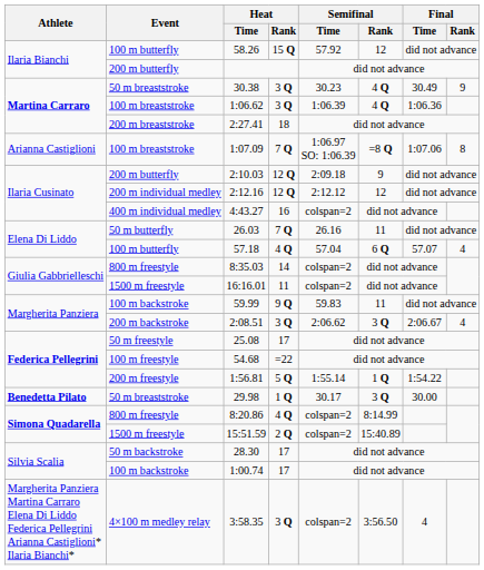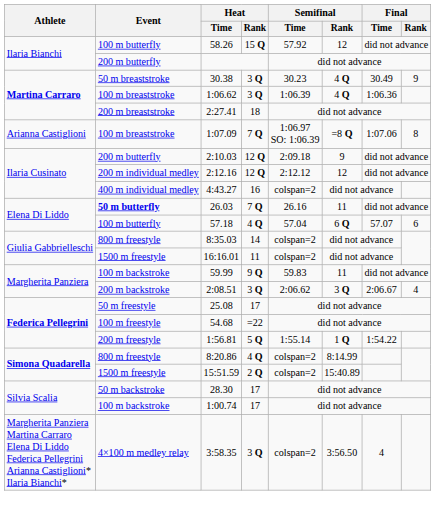 <table class="wikitable" style="text-align:center; font-size:90%">
 <tr>
 <th rowspan="2">Athlete</th>
 <th rowspan="2">Event</th>
 <th colspan="2">Heat</th>
 <th colspan="2">Semifinal</th>
 <th colspan="2">Final</th>
 </tr>
 <tr style="font-size:95%">
 <th>Time</th>
 <th>Rank</th>
 <th>Time</th>
 <th>Rank</th>
 <th>Time</th>
 <th>Rank</th>
 </tr>
 <tr>
 <td align=left rowspan=2><a href='#'>Ilaria Bianchi</a></td>
 <td align=left><a href='#'>100 m butterfly</a></td>
 <td>58.26</td>
 <td>15 <strong>Q</strong></td>
 <td>57.92</td>
 <td>12</td>
 <td colspan=2>did not advance</td>
 </tr>
 <tr>
 <td align=left><a href='#'>200 m butterfly</a></td>
 <td colspan=2></td>
 <td colspan=4>did not advance</td>
 </tr>
 <tr>
 <td align=left rowspan=3><strong><a href='#'>Martina Carraro</a></strong></td>
 <td align=left><a href='#'>50 m breaststroke</a></td>
 <td>30.38</td>
 <td>3 <strong>Q</strong></td>
 <td>30.23</td>
 <td>4 <strong>Q</strong></td>
 <td>30.49</td>
 <td>9</td>
 </tr>
 <tr>
 <td align=left><a href='#'>100 m breaststroke</a></td>
 <td>1:06.62</td>
 <td>3 <strong>Q</strong></td>
 <td>1:06.39</td>
 <td>4 <strong>Q</strong></td>
 <td>1:06.36</td>
 <td></td>
 </tr>
 <tr>
 <td align=left><a href='#'>200 m breaststroke</a></td>
 <td>2:27.41</td>
 <td>18</td>
 <td colspan=4>did not advance</td>
 </tr>
 <tr>
 <td align=left><a href='#'>Arianna Castiglioni</a></td>
 <td align=left><a href='#'>100 m breaststroke</a></td>
 <td>1:07.09</td>
 <td>7 <strong>Q</strong></td>
 <td>1:06.97<br>SO: 1:06.39</td>
 <td>=8 <strong>Q</strong></td>
 <td>1:07.06</td>
 <td>8</td>
 </tr>
 <tr>
 <td align=left rowspan=3><a href='#'>Ilaria Cusinato</a></td>
 <td align=left><a href='#'>200 m butterfly</a></td>
 <td>2:10.03</td>
 <td>12 <strong>Q</strong></td>
 <td>2:09.18</td>
 <td>9</td>
 <td colspan=2>did not advance</td>
 </tr>
 <tr>
 <td align=left><a href='#'>200 m individual medley</a></td>
 <td>2:12.16</td>
 <td>12 <strong>Q</strong></td>
 <td>2:12.12</td>
 <td>12</td>
 <td colspan=2>did not advance</td>
 </tr>
 <tr>
 <td align=left><a href='#'>400 m individual medley</a></td>
 <td>4:43.27</td>
 <td>16</td>
 <td>colspan=2 </td>
 <td colspan=2>did not advance</td>
 </tr>
 <tr>
 <td align=left rowspan=2><a href='#'>Elena Di Liddo</a></td>
-<td align=left><a href='#'>50 m butterfly</a></td>
+<td align=left><strong><a href='#'>50 m butterfly</a></strong></td>
 <td>26.03</td>
 <td>7 <strong>Q</strong></td>
 <td>26.16</td>
 <td>11</td>
 <td colspan=2>did not advance</td>
 </tr>
 <tr>
 <td align=left><a href='#'>100 m butterfly</a></td>
 <td>57.18</td>
 <td>4 <strong>Q</strong></td>
 <td>57.04</td>
 <td>6 <strong>Q</strong></td>
 <td>57.07</td>
-<td>4</td>
+<td>6</td>
 </tr>
 <tr>
 <td align=left rowspan=2><a href='#'>Giulia Gabbrielleschi</a></td>
 <td align=left><a href='#'>800 m freestyle</a></td>
 <td>8:35.03</td>
 <td>14</td>
 <td>colspan=2 </td>
 <td colspan=2>did not advance</td>
 </tr>
 <tr>
 <td align=left><a href='#'>1500 m freestyle</a></td>
 <td>16:16.01</td>
 <td>11</td>
 <td>colspan=2 </td>
 <td colspan=2>did not advance</td>
 </tr>
 <tr>
 <td align=left rowspan=2><a href='#'>Margherita Panziera</a></td>
 <td align=left><a href='#'>100 m backstroke</a></td>
 <td>59.99</td>
 <td>9 <strong>Q</strong></td>
 <td>59.83</td>
 <td>11</td>
 <td colspan=2>did not advance</td>
 </tr>
 <tr>
 <td align=left><a href='#'>200 m backstroke</a></td>
 <td>2:08.51</td>
 <td>3 <strong>Q</strong></td>
 <td>2:06.62</td>
 <td>3 <strong>Q</strong></td>
 <td>2:06.67</td>
 <td>4</td>
 </tr>
 <tr>
 <td align=left rowspan=3><strong><a href='#'>Federica Pellegrini</a></strong></td>
 <td align=left><a href='#'>50 m freestyle</a></td>
 <td>25.08</td>
 <td>17</td>
 <td colspan=4>did not advance</td>
 </tr>
 <tr>
 <td align=left><a href='#'>100 m freestyle</a></td>
 <td>54.68</td>
 <td>=22</td>
 <td colspan=4>did not advance</td>
 </tr>
 <tr>
 <td align=left><a href='#'>200 m freestyle</a></td>
 <td>1:56.81</td>
 <td>5 <strong>Q</strong></td>
 <td>1:55.14</td>
 <td>1 <strong>Q</strong></td>
 <td>1:54.22</td>
 <td></td>
 </tr>
 <tr>
-<td align=left><strong><a href='#'>Benedetta Pilato</a></strong></td>
-<td align=left><a href='#'>50 m breaststroke</a></td>
-<td>29.98</td>
-<td>1 <strong>Q</strong></td>
-<td>30.17</td>
-<td>3 <strong>Q</strong></td>
-<td>30.00</td>
-<td></td>
-</tr>
-<tr>
 <td align=left rowspan=2><strong><a href='#'>Simona Quadarella</a></strong></td>
 <td align=left><a href='#'>800 m freestyle</a></td>
 <td>8:20.86</td>
 <td>4 <strong>Q</strong></td>
 <td>colspan=2 </td>
 <td>8:14.99</td>
 <td></td>
 </tr>
 <tr>
 <td align=left><a href='#'>1500 m freestyle</a></td>
 <td>15:51.59</td>
 <td>2 <strong>Q</strong></td>
 <td>colspan=2 </td>
 <td>15:40.89</td>
 <td></td>
 </tr>
 <tr>
 <td align=left rowspan=2><a href='#'>Silvia Scalia</a></td>
 <td align=left><a href='#'>50 m backstroke</a></td>
 <td>28.30</td>
 <td>17</td>
 <td colspan=4>did not advance</td>
 </tr>
 <tr>
 <td align=left><a href='#'>100 m backstroke</a></td>
 <td>1:00.74</td>
 <td>17</td>
 <td colspan=4>did not advance</td>
 </tr>
 <tr>
 <td align=left><a href='#'>Margherita Panziera</a><br><a href='#'>Martina Carraro</a><br><a href='#'>Elena Di Liddo</a><br><a href='#'>Federica Pellegrini</a><br><a href='#'>Arianna Castiglioni</a>*<br><a href='#'>Ilaria Bianchi</a>*</td>
 <td align=left><a href='#'>4×100 m medley relay</a></td>
 <td>3:58.35</td>
 <td>3 <strong>Q</strong></td>
 <td>colspan=2 </td>
 <td>3:56.50</td>
 <td>4</td>
 </tr>
 </table>
